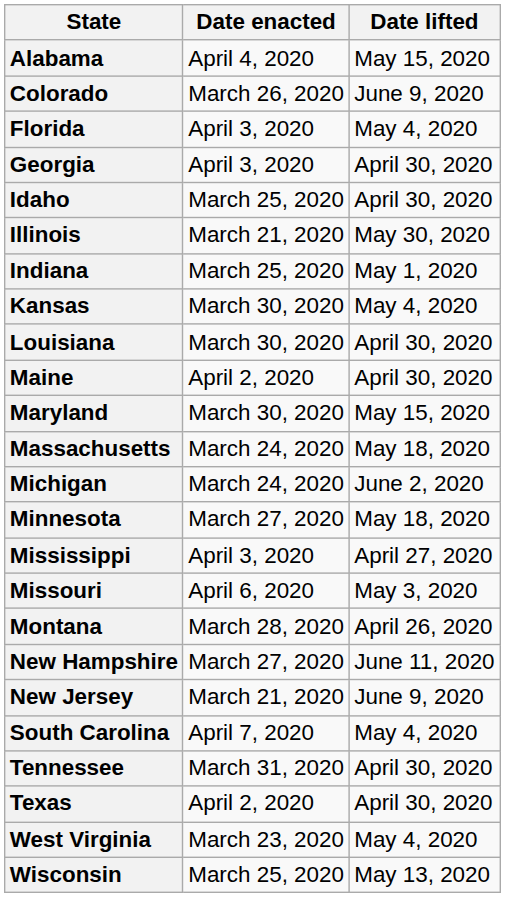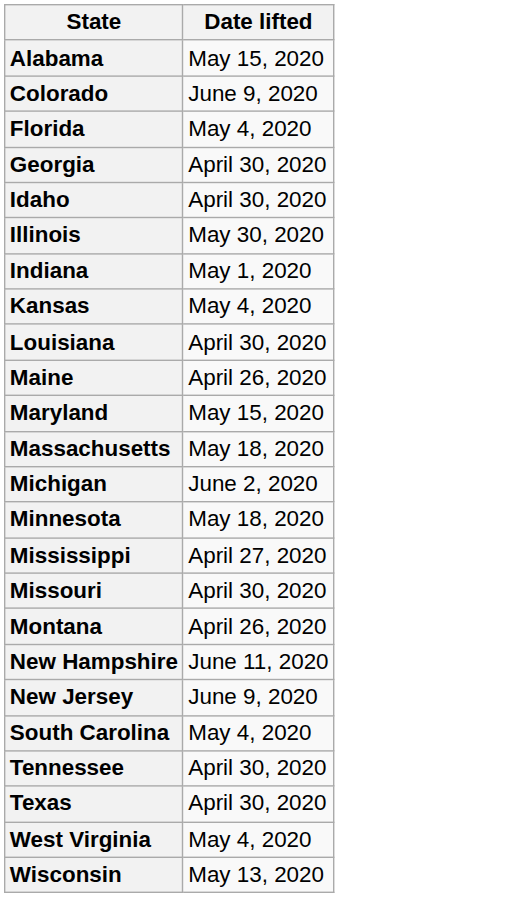 <table class="wikitable sortable collapsible">
 <tr>
 <th>State</th>
-<th>Date enacted</th>
 <th>Date lifted</th>
 </tr>
 <tr>
 <th style="text-align:left;">Alabama</th>
-<td>April 4, 2020</td>
 <td>May 15, 2020</td>
 </tr>
 <tr>
 <th style="text-align:left;">Colorado</th>
-<td>March 26, 2020</td>
 <td>June 9, 2020</td>
 </tr>
 <tr>
 <th style="text-align:left;">Florida</th>
-<td>April 3, 2020</td>
 <td>May 4, 2020</td>
 </tr>
 <tr>
 <th style="text-align:left;">Georgia</th>
-<td>April 3, 2020</td>
 <td>April 30, 2020</td>
 </tr>
 <tr>
 <th style="text-align:left;">Idaho</th>
-<td>March 25, 2020</td>
 <td>April 30, 2020</td>
 </tr>
 <tr>
 <th style="text-align:left;">Illinois</th>
-<td>March 21, 2020</td>
 <td>May 30, 2020</td>
 </tr>
 <tr>
 <th style="text-align:left;">Indiana</th>
-<td>March 25, 2020</td>
 <td>May 1, 2020</td>
 </tr>
 <tr>
 <th style="text-align:left;">Kansas</th>
-<td>March 30, 2020</td>
 <td>May 4, 2020</td>
 </tr>
 <tr>
 <th style="text-align:left;">Louisiana</th>
-<td>March 30, 2020</td>
 <td>April 30, 2020</td>
 </tr>
 <tr>
 <th style="text-align:left;">Maine</th>
-<td>April 2, 2020</td>
-<td>April 30, 2020</td>
+<td>April 26, 2020</td>
 </tr>
 <tr>
 <th style="text-align:left;">Maryland</th>
-<td>March 30, 2020</td>
 <td>May 15, 2020</td>
 </tr>
 <tr>
 <th style="text-align:left;">Massachusetts</th>
-<td>March 24, 2020</td>
 <td>May 18, 2020</td>
 </tr>
 <tr>
 <th style="text-align:left;">Michigan</th>
-<td>March 24, 2020</td>
 <td>June 2, 2020</td>
 </tr>
 <tr>
 <th style="text-align:left;">Minnesota</th>
-<td>March 27, 2020</td>
 <td>May 18, 2020</td>
 </tr>
 <tr>
 <th style="text-align:left;">Mississippi</th>
-<td>April 3, 2020</td>
 <td>April 27, 2020</td>
 </tr>
 <tr>
 <th style="text-align:left;">Missouri</th>
-<td>April 6, 2020</td>
-<td>May 3, 2020</td>
+<td>April 30, 2020</td>
 </tr>
 <tr>
 <th style="text-align:left;">Montana</th>
-<td>March 28, 2020</td>
 <td>April 26, 2020</td>
 </tr>
 <tr>
 <th style="text-align:left;">New Hampshire</th>
-<td>March 27, 2020</td>
 <td>June 11, 2020</td>
 </tr>
 <tr>
 <th style="text-align:left;">New Jersey</th>
-<td>March 21, 2020</td>
 <td>June 9, 2020</td>
 </tr>
 <tr>
 <th style="text-align:left;">South Carolina</th>
-<td>April 7, 2020</td>
 <td>May 4, 2020</td>
 </tr>
 <tr>
 <th style="text-align:left;">Tennessee</th>
-<td>March 31, 2020</td>
 <td>April 30, 2020</td>
 </tr>
 <tr>
 <th style="text-align:left;">Texas</th>
-<td>April 2, 2020</td>
 <td>April 30, 2020</td>
 </tr>
 <tr>
 <th style="text-align:left;">West Virginia</th>
-<td>March 23, 2020</td>
 <td>May 4, 2020</td>
 </tr>
 <tr>
 <th style="text-align:left;">Wisconsin</th>
-<td>March 25, 2020</td>
 <td>May 13, 2020</td>
 </tr>
 </table>
